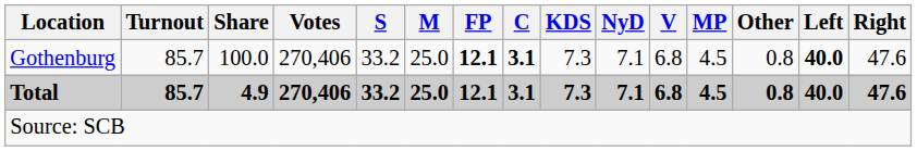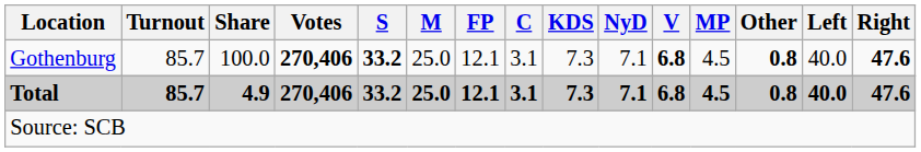 <table class="wikitable sortable" style=text-align:right>
 <tr>
 <th>Location</th>
 <th>Turnout</th>
 <th>Share</th>
 <th>Votes</th>
 <th><a href='#'>S</a></th>
 <th><a href='#'>M</a></th>
 <th><a href='#'>FP</a></th>
 <th><a href='#'>C</a></th>
 <th><a href='#'>KDS</a></th>
 <th><a href='#'>NyD</a></th>
 <th><a href='#'>V</a></th>
 <th><a href='#'>MP</a></th>
 <th>Other</th>
 <th>Left</th>
 <th>Right</th>
 </tr>
 <tr>
 <td align=left><a href='#'>Gothenburg</a></td>
 <td>85.7</td>
 <td>100.0</td>
-<td>270,406</td>
-<td>33.2</td>
+<td><strong>270,406</strong></td>
+<td><strong>33.2</strong></td>
 <td>25.0</td>
-<td><strong>12.1</strong></td>
-<td><strong>3.1</strong></td>
+<td>12.1</td>
+<td>3.1</td>
 <td>7.3</td>
 <td>7.1</td>
-<td>6.8</td>
+<td><strong>6.8</strong></td>
 <td>4.5</td>
-<td>0.8</td>
-<td><strong>40.0</strong></td>
-<td>47.6</td>
+<td><strong>0.8</strong></td>
+<td>40.0</td>
+<td><strong>47.6</strong></td>
 </tr>
 <tr>
 </tr>
 <tr style="background:#CDCDCD;">
 <td align=left><strong>Total</strong></td>
 <td><strong>85.7</strong></td>
 <td><strong>4.9</strong></td>
 <td><strong>270,406</strong></td>
 <td><strong>33.2</strong></td>
 <td><strong>25.0</strong></td>
 <td><strong>12.1</strong></td>
 <td><strong>3.1</strong></td>
 <td><strong>7.3</strong></td>
 <td><strong>7.1</strong></td>
 <td><strong>6.8</strong></td>
 <td><strong>4.5</strong></td>
 <td><strong>0.8</strong></td>
 <td><strong>40.0</strong></td>
 <td><strong>47.6</strong></td>
 </tr>
 <tr>
 <td align=left colspan=15>Source: SCB </td>
 </tr>
 </table>
